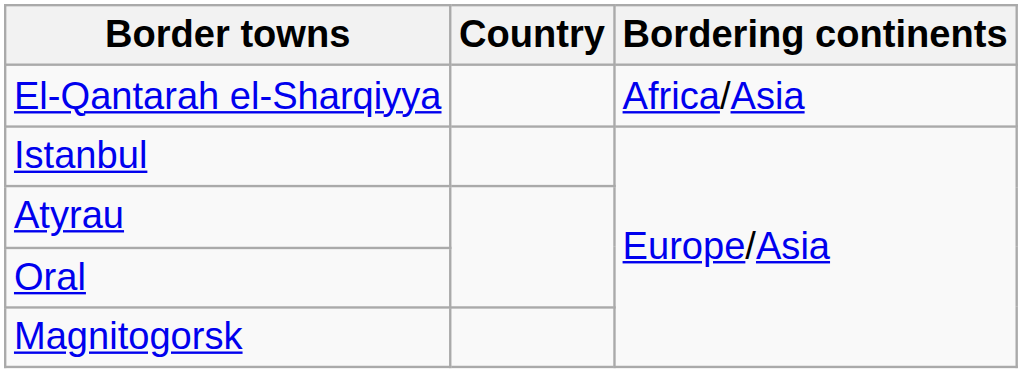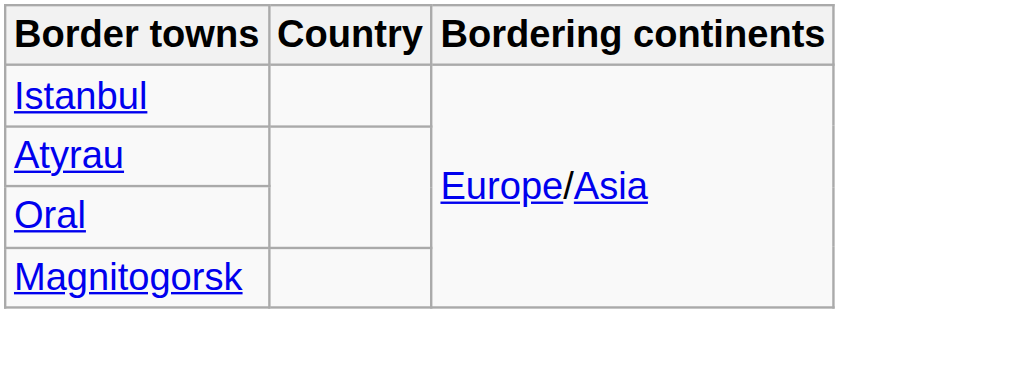 <table class="wikitable">
 <tr>
 <th>Border towns</th>
 <th>Country</th>
 <th>Bordering continents</th>
-</tr>
-<tr>
-<td><a href='#'>El-Qantarah el-Sharqiyya</a></td>
-<td></td>
-<td><a href='#'>Africa</a>/<a href='#'>Asia</a></td>
 </tr>
 <tr>
 <td><a href='#'>Istanbul</a></td>
 <td></td>
 <td rowspan="4"><a href='#'>Europe</a>/<a href='#'>Asia</a></td>
 </tr>
 <tr>
 <td><a href='#'>Atyrau</a></td>
 <td rowspan="2"></td>
 </tr>
 <tr>
 <td><a href='#'>Oral</a></td>
 </tr>
 <tr>
 <td><a href='#'>Magnitogorsk</a></td>
 <td></td>
 </tr>
 </table>
